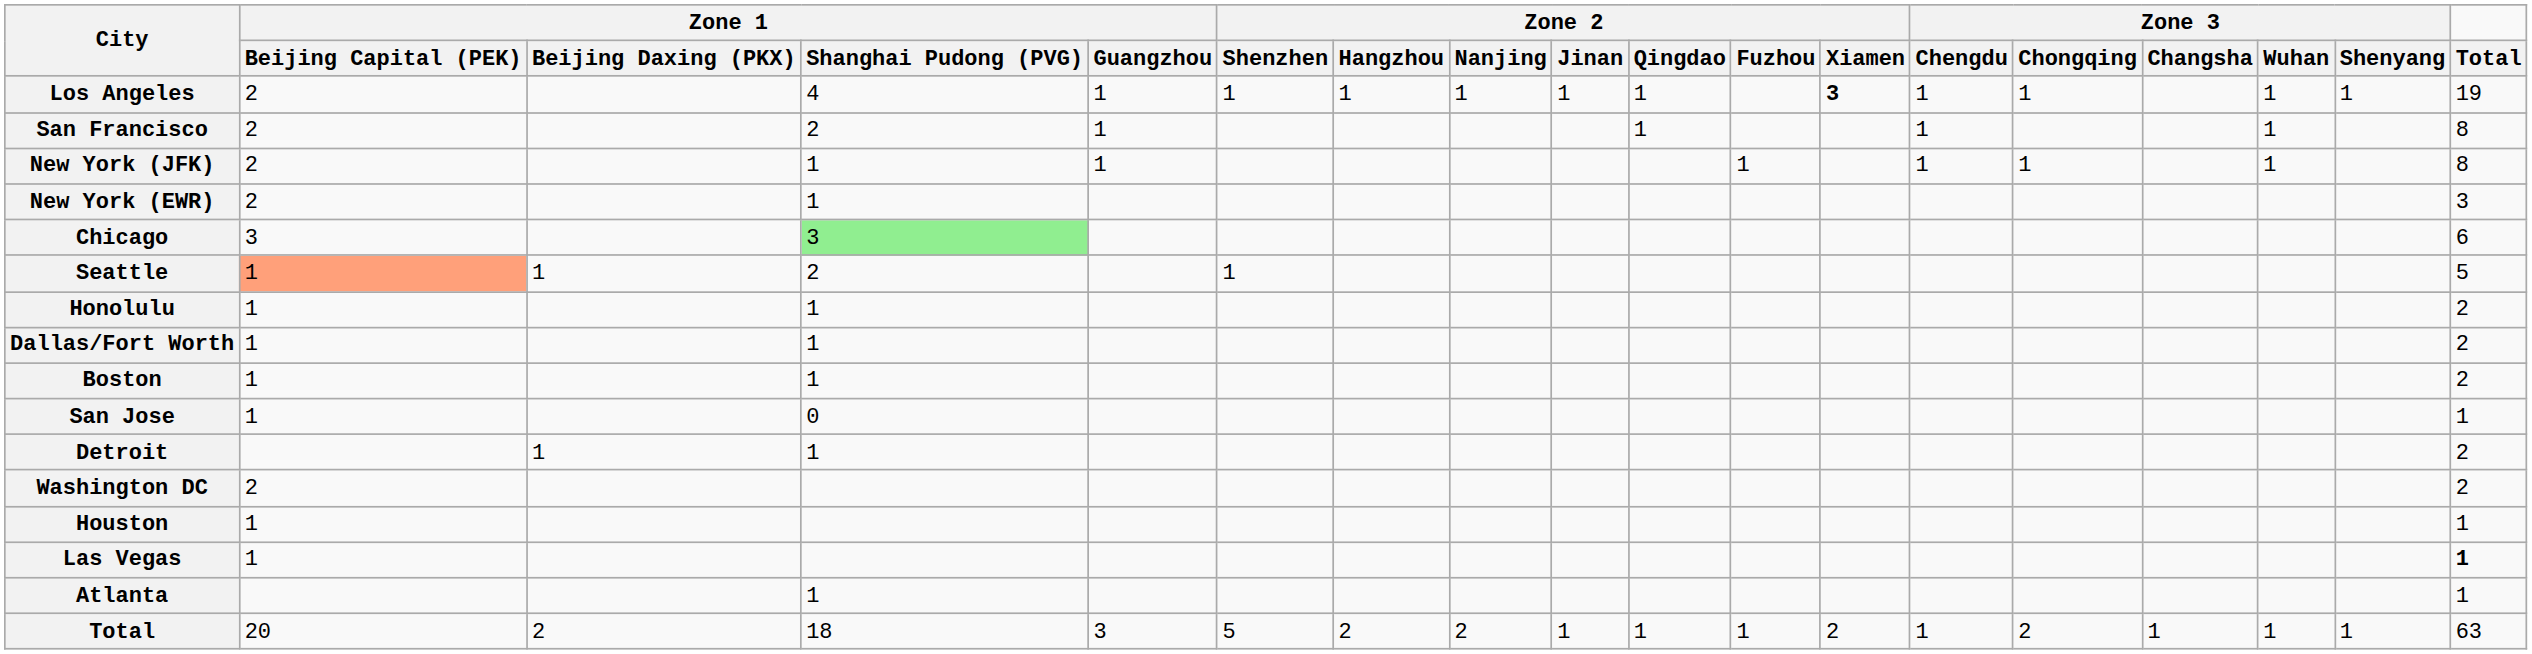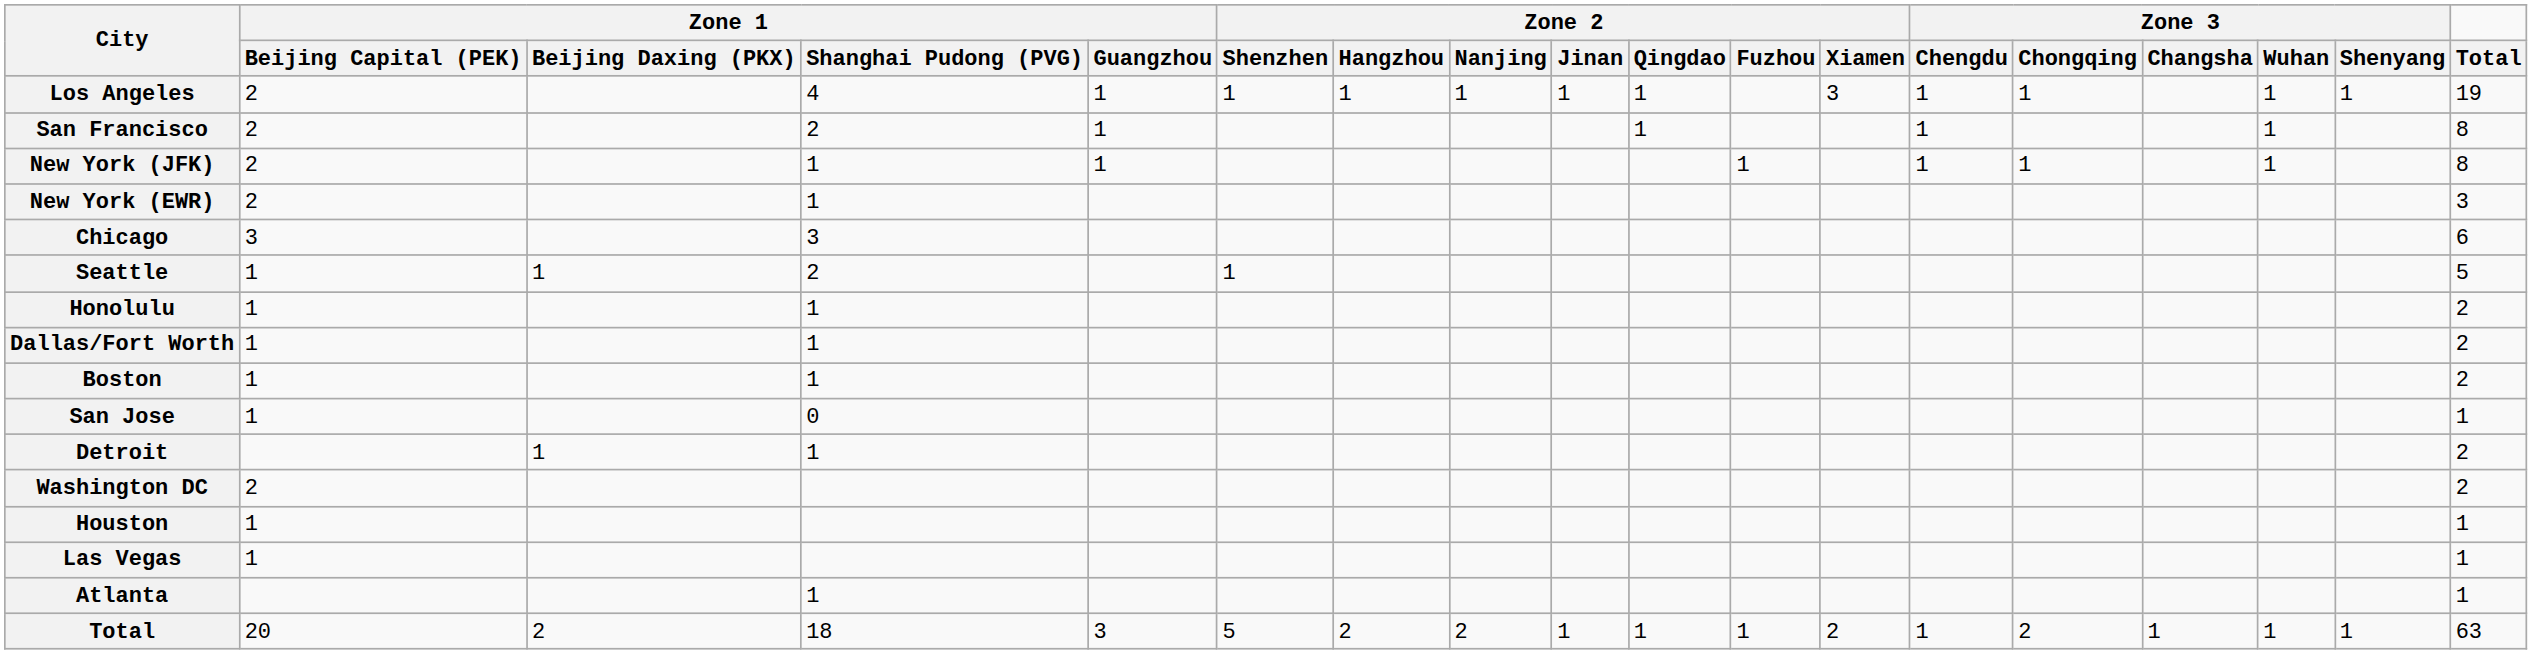 <table class="wikitable">
 <tr>
 <th rowspan=2; align= center>City</th>
 <th colspan=4; align= center>Zone 1</th>
 <th colspan=7; align= center>Zone 2</th>
 <th colspan=5; align= center>Zone 3</th>
 <td></td>
 </tr>
 <tr>
 <th>Beijing Capital (PEK)</th>
 <th>Beijing Daxing (PKX)</th>
 <th>Shanghai Pudong (PVG)</th>
 <th>Guangzhou</th>
 <th>Shenzhen</th>
 <th>Hangzhou</th>
 <th>Nanjing</th>
 <th>Jinan</th>
 <th>Qingdao</th>
 <th>Fuzhou</th>
 <th>Xiamen</th>
 <th>Chengdu</th>
 <th>Chongqing</th>
 <th>Changsha</th>
 <th>Wuhan</th>
 <th>Shenyang</th>
 <th>Total</th>
 </tr>
 <tr>
 <th>Los Angeles</th>
 <td>2</td>
 <td></td>
 <td>4</td>
 <td>1</td>
 <td>1</td>
 <td>1</td>
 <td>1</td>
 <td>1</td>
 <td>1</td>
 <td></td>
-<td><strong>3</strong></td>
+<td>3</td>
 <td>1</td>
 <td>1</td>
 <td></td>
 <td>1</td>
 <td>1<br></td>
 <td>19</td>
 </tr>
 <tr>
 <th>San Francisco</th>
 <td>2</td>
 <td></td>
 <td>2</td>
 <td>1</td>
 <td></td>
 <td></td>
 <td></td>
 <td></td>
 <td>1</td>
 <td></td>
 <td></td>
 <td>1</td>
 <td></td>
 <td></td>
 <td>1</td>
 <td></td>
 <td>8</td>
 </tr>
 <tr>
 <th>New York (JFK)</th>
 <td>2</td>
 <td></td>
 <td>1</td>
 <td>1</td>
 <td></td>
 <td></td>
 <td></td>
 <td></td>
 <td></td>
 <td>1</td>
 <td></td>
 <td>1</td>
 <td>1</td>
 <td></td>
 <td>1</td>
 <td></td>
 <td>8</td>
 </tr>
 <tr>
 <th>New York (EWR)</th>
 <td>2</td>
 <td></td>
 <td>1</td>
 <td></td>
 <td></td>
 <td></td>
 <td></td>
 <td></td>
 <td></td>
 <td></td>
 <td></td>
 <td></td>
 <td></td>
 <td></td>
 <td></td>
 <td></td>
 <td>3</td>
 </tr>
 <tr>
 <th>Chicago</th>
 <td>3</td>
 <td></td>
-<td style="background: lightgreen;">3</td>
+<td>3</td>
 <td></td>
 <td></td>
 <td></td>
 <td></td>
 <td></td>
 <td></td>
 <td></td>
 <td></td>
 <td></td>
 <td></td>
 <td></td>
 <td></td>
 <td></td>
 <td>6</td>
 </tr>
 <tr>
 <th>Seattle</th>
-<td style="background: lightsalmon;">1</td>
+<td>1</td>
 <td>1</td>
 <td>2</td>
 <td></td>
 <td>1</td>
 <td></td>
 <td></td>
 <td></td>
 <td></td>
 <td></td>
 <td></td>
 <td></td>
 <td></td>
 <td></td>
 <td></td>
 <td></td>
 <td>5</td>
 </tr>
 <tr>
 <th>Honolulu</th>
 <td>1</td>
 <td></td>
 <td>1</td>
 <td></td>
 <td></td>
 <td></td>
 <td></td>
 <td></td>
 <td></td>
 <td></td>
 <td></td>
 <td></td>
 <td></td>
 <td></td>
 <td></td>
 <td></td>
 <td>2</td>
 </tr>
 <tr>
 <th>Dallas/Fort Worth</th>
 <td>1</td>
 <td></td>
 <td>1</td>
 <td></td>
 <td></td>
 <td></td>
 <td></td>
 <td></td>
 <td></td>
 <td></td>
 <td></td>
 <td></td>
 <td></td>
 <td></td>
 <td></td>
 <td></td>
 <td>2</td>
 </tr>
 <tr>
 <th>Boston</th>
 <td>1</td>
 <td></td>
 <td>1</td>
 <td></td>
 <td></td>
 <td></td>
 <td></td>
 <td></td>
 <td></td>
 <td></td>
 <td></td>
 <td></td>
 <td></td>
 <td></td>
 <td></td>
 <td></td>
 <td>2</td>
 </tr>
 <tr>
 <th>San Jose</th>
 <td>1</td>
 <td></td>
 <td>0</td>
 <td></td>
 <td></td>
 <td></td>
 <td></td>
 <td></td>
 <td></td>
 <td></td>
 <td></td>
 <td></td>
 <td></td>
 <td></td>
 <td></td>
 <td></td>
 <td>1</td>
 </tr>
 <tr>
 <th>Detroit</th>
 <td></td>
 <td>1</td>
 <td>1</td>
 <td></td>
 <td></td>
 <td></td>
 <td></td>
 <td></td>
 <td></td>
 <td></td>
 <td></td>
 <td></td>
 <td></td>
 <td></td>
 <td></td>
 <td></td>
 <td>2</td>
 </tr>
 <tr>
 <th>Washington DC</th>
 <td>2</td>
 <td></td>
 <td></td>
 <td></td>
 <td></td>
 <td></td>
 <td></td>
 <td></td>
 <td></td>
 <td></td>
 <td></td>
 <td></td>
 <td></td>
 <td></td>
 <td></td>
 <td></td>
 <td>2</td>
 </tr>
 <tr>
 <th>Houston</th>
 <td>1</td>
 <td></td>
 <td></td>
 <td></td>
 <td></td>
 <td></td>
 <td></td>
 <td></td>
 <td></td>
 <td></td>
 <td></td>
 <td></td>
 <td></td>
 <td></td>
 <td></td>
 <td></td>
 <td>1</td>
 </tr>
 <tr>
 <th>Las Vegas</th>
 <td>1</td>
 <td></td>
 <td></td>
 <td></td>
 <td></td>
 <td></td>
 <td></td>
 <td></td>
 <td></td>
 <td></td>
 <td></td>
 <td></td>
 <td></td>
 <td></td>
 <td></td>
 <td></td>
-<td><strong>1</strong></td>
+<td>1</td>
 </tr>
 <tr>
 <th>Atlanta</th>
 <td></td>
 <td></td>
 <td>1</td>
 <td></td>
 <td></td>
 <td></td>
 <td></td>
 <td></td>
 <td></td>
 <td></td>
 <td></td>
 <td></td>
 <td></td>
 <td></td>
 <td></td>
 <td></td>
 <td>1</td>
 </tr>
 <tr>
 <th>Total</th>
 <td>20</td>
 <td>2</td>
 <td>18</td>
 <td>3</td>
 <td>5</td>
 <td>2</td>
 <td>2</td>
 <td>1</td>
 <td>1</td>
 <td>1</td>
 <td>2</td>
 <td>1</td>
 <td>2</td>
 <td>1</td>
 <td>1</td>
 <td>1</td>
 <td>63</td>
 </tr>
 </table>
